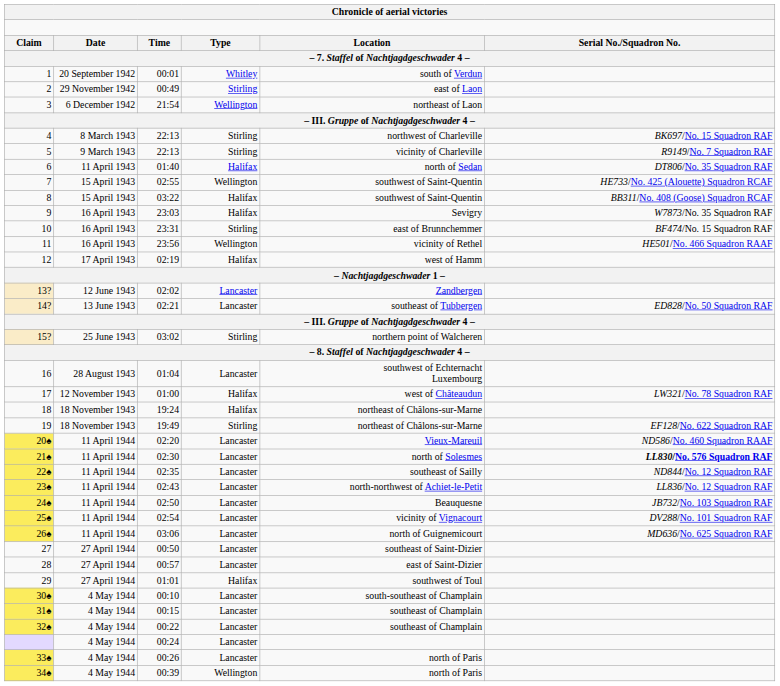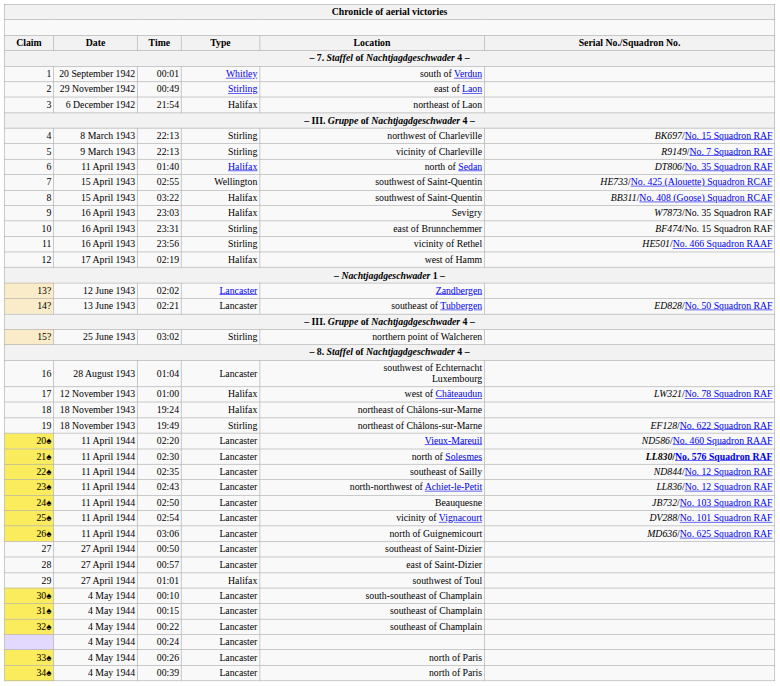 <table class="wikitable plainrowheaders collapsible" style="margin-left: auto; margin-right: auto; border: none; text-align:right; width: 100%;">
 <tr>
 <th colspan="6">Chronicle of aerial victories</th>
 </tr>
 <tr>
 <td colspan="6" style="text-align: left;"><br>  </td>
 </tr>
 <tr>
 <th scope="col">Claim</th>
 <th scope="col" style="width:130px">Date</th>
 <th scope="col">Time</th>
 <th scope="col">Type</th>
 <th scope="col">Location</th>
 <th scope="col">Serial No./Squadron No.</th>
 </tr>
 <tr>
 <th colspan="6">– 7. <em>Staffel</em> of <em>Nachtjagdgeschwader</em> 4 –</th>
 </tr>
 <tr>
 <td>1</td>
 <td>20 September 1942</td>
 <td>00:01</td>
 <td><a href='#'>Whitley</a></td>
 <td> south of <a href='#'>Verdun</a></td>
 <td></td>
 </tr>
 <tr>
 <td>2</td>
 <td>29 November 1942</td>
 <td>00:49</td>
 <td><a href='#'>Stirling</a></td>
 <td> east of <a href='#'>Laon</a></td>
 <td></td>
 </tr>
 <tr>
 <td>3</td>
 <td>6 December 1942</td>
 <td>21:54</td>
-<td><a href='#'>Wellington</a></td>
+<td>Halifax</td>
 <td> northeast of Laon</td>
 <td></td>
 </tr>
 <tr>
 <th colspan="6">– III. <em>Gruppe</em> of <em>Nachtjagdgeschwader</em> 4 –</th>
 </tr>
 <tr>
 <td>4</td>
 <td>8 March 1943</td>
 <td>22:13</td>
 <td>Stirling</td>
 <td> northwest of Charleville</td>
 <td><em>BK697</em>/<a href='#'>No. 15 Squadron RAF</a></td>
 </tr>
 <tr>
 <td>5</td>
 <td>9 March 1943</td>
 <td>22:13</td>
 <td>Stirling</td>
 <td>vicinity of Charleville</td>
 <td><em>R9149</em>/<a href='#'>No. 7 Squadron RAF</a></td>
 </tr>
 <tr>
 <td>6</td>
 <td>11 April 1943</td>
 <td>01:40</td>
 <td><a href='#'>Halifax</a></td>
 <td> north of <a href='#'>Sedan</a></td>
 <td><em>DT806</em>/<a href='#'>No. 35 Squadron RAF</a></td>
 </tr>
 <tr>
 <td>7</td>
 <td>15 April 1943</td>
 <td>02:55</td>
 <td>Wellington</td>
 <td> southwest of Saint-Quentin</td>
 <td><em>HE733</em>/<a href='#'>No. 425 (Alouette) Squadron RCAF</a></td>
 </tr>
 <tr>
 <td>8</td>
 <td>15 April 1943</td>
 <td>03:22</td>
 <td>Halifax</td>
 <td> southwest of Saint-Quentin</td>
 <td><em>BB311</em>/<a href='#'>No. 408 (Goose) Squadron RCAF</a></td>
 </tr>
 <tr>
 <td>9</td>
 <td>16 April 1943</td>
 <td>23:03</td>
 <td>Halifax</td>
 <td>Sevigry</td>
 <td><em>W7873</em>/No. 35 Squadron RAF</td>
 </tr>
 <tr>
 <td>10</td>
 <td>16 April 1943</td>
 <td>23:31</td>
 <td>Stirling</td>
 <td> east of Brunnchemmer</td>
 <td><em>BF474</em>/No. 15 Squadron RAF</td>
 </tr>
 <tr>
 <td>11</td>
 <td>16 April 1943</td>
 <td>23:56</td>
-<td>Wellington</td>
+<td>Stirling</td>
 <td>vicinity of Rethel</td>
 <td><em>HE501</em>/<a href='#'>No. 466 Squadron RAAF</a></td>
 </tr>
 <tr>
 <td>12</td>
 <td>17 April 1943</td>
 <td>02:19</td>
 <td>Halifax</td>
 <td>west of Hamm</td>
 <td></td>
 </tr>
 <tr>
 <th colspan="6">– <em>Nachtjagdgeschwader</em> 1 –</th>
 </tr>
 <tr>
 <td style="background:#faecc8">13?</td>
 <td>12 June 1943</td>
 <td>02:02</td>
 <td><a href='#'>Lancaster</a></td>
 <td><a href='#'>Zandbergen</a></td>
 <td></td>
 </tr>
 <tr>
 <td style="background:#faecc8">14?</td>
 <td>13 June 1943</td>
 <td>02:21</td>
 <td>Lancaster</td>
 <td> southeast of <a href='#'>Tubbergen</a></td>
 <td><em>ED828</em>/<a href='#'>No. 50 Squadron RAF</a></td>
 </tr>
 <tr>
 <th colspan="6">– III. <em>Gruppe</em> of <em>Nachtjagdgeschwader</em> 4 –</th>
 </tr>
 <tr>
 <td style="background:#faecc8">15?</td>
 <td>25 June 1943</td>
 <td>03:02</td>
 <td>Stirling</td>
 <td>northern point of Walcheren</td>
 <td></td>
 </tr>
 <tr>
 <th colspan="6">– 8. <em>Staffel</em> of <em>Nachtjagdgeschwader</em> 4 –</th>
 </tr>
 <tr>
 <td>16</td>
 <td>28 August 1943</td>
 <td>01:04</td>
 <td>Lancaster</td>
 <td>southwest of Echternacht<br>Luxembourg</td>
 <td></td>
 </tr>
 <tr>
 <td>17</td>
 <td>12 November 1943</td>
 <td>01:00</td>
 <td>Halifax</td>
 <td> west of <a href='#'>Châteaudun</a></td>
 <td><em>LW321</em>/<a href='#'>No. 78 Squadron RAF</a></td>
 </tr>
 <tr>
 <td>18</td>
 <td>18 November 1943</td>
 <td>19:24</td>
 <td>Halifax</td>
 <td>northeast of Châlons-sur-Marne</td>
 <td></td>
 </tr>
 <tr>
 <td>19</td>
 <td>18 November 1943</td>
 <td>19:49</td>
 <td>Stirling</td>
 <td>northeast of Châlons-sur-Marne</td>
 <td><em>EF128</em>/<a href='#'>No. 622 Squadron RAF</a></td>
 </tr>
 <tr>
 <td style="background:#fbec5d;">20♠</td>
 <td>11 April 1944</td>
 <td>02:20</td>
 <td>Lancaster</td>
 <td><a href='#'>Vieux-Mareuil</a></td>
 <td><em>ND586</em>/<a href='#'>No. 460 Squadron RAAF</a></td>
 </tr>
 <tr>
 <td style="background:#fbec5d;">21♠</td>
 <td>11 April 1944</td>
 <td>02:30</td>
 <td>Lancaster</td>
 <td> north of <a href='#'>Solesmes</a></td>
 <td><strong><em>LL830</em>/<a href='#'>No. 576 Squadron RAF</a></strong></td>
 </tr>
 <tr>
 <td style="background:#fbec5d;">22♠</td>
 <td>11 April 1944</td>
 <td>02:35</td>
 <td>Lancaster</td>
 <td> southeast of Sailly</td>
 <td><em>ND844</em>/<a href='#'>No. 12 Squadron RAF</a></td>
 </tr>
 <tr>
 <td style="background:#fbec5d;">23♠</td>
 <td>11 April 1944</td>
 <td>02:43</td>
 <td>Lancaster</td>
 <td>north-northwest of <a href='#'>Achiet-le-Petit</a></td>
 <td><em>LL836</em>/<a href='#'>No. 12 Squadron RAF</a></td>
 </tr>
 <tr>
 <td style="background:#fbec5d;">24♠</td>
 <td>11 April 1944</td>
 <td>02:50</td>
 <td>Lancaster</td>
 <td>Beauquesne</td>
 <td><em>JB732</em>/<a href='#'>No. 103 Squadron RAF</a></td>
 </tr>
 <tr>
 <td style="background:#fbec5d;">25♠</td>
 <td>11 April 1944</td>
 <td>02:54</td>
 <td>Lancaster</td>
 <td>vicinity of <a href='#'>Vignacourt</a></td>
 <td><em>DV288</em>/<a href='#'>No. 101 Squadron RAF</a></td>
 </tr>
 <tr>
 <td style="background:#fbec5d;">26♠</td>
 <td>11 April 1944</td>
 <td>03:06</td>
 <td>Lancaster</td>
 <td>north of Guignemicourt</td>
 <td><em>MD636</em>/<a href='#'>No. 625 Squadron RAF</a></td>
 </tr>
 <tr>
 <td>27</td>
 <td>27 April 1944</td>
 <td>00:50</td>
 <td>Lancaster</td>
 <td> southeast of Saint-Dizier</td>
 <td></td>
 </tr>
 <tr>
 <td>28</td>
 <td>27 April 1944</td>
 <td>00:57</td>
 <td>Lancaster</td>
 <td> east of Saint-Dizier</td>
 <td></td>
 </tr>
 <tr>
 <td>29</td>
 <td>27 April 1944</td>
 <td>01:01</td>
 <td>Halifax</td>
 <td> southwest of Toul</td>
 <td></td>
 </tr>
 <tr>
 <td style="background:#fbec5d;">30♠</td>
 <td>4 May 1944</td>
 <td>00:10</td>
 <td>Lancaster</td>
 <td> south-southeast of Champlain</td>
 <td></td>
 </tr>
 <tr>
 <td style="background:#fbec5d;">31♠</td>
 <td>4 May 1944</td>
 <td>00:15</td>
 <td>Lancaster</td>
 <td> southeast of Champlain</td>
 <td></td>
 </tr>
 <tr>
 <td style="background:#fbec5d;">32♠</td>
 <td>4 May 1944</td>
 <td>00:22</td>
 <td>Lancaster</td>
 <td> southeast of Champlain</td>
 <td></td>
 </tr>
 <tr>
 <td style="background:#e3d9ff;"></td>
 <td>4 May 1944</td>
 <td>00:24</td>
 <td>Lancaster</td>
 <td></td>
 <td></td>
 </tr>
 <tr>
 <td style="background:#fbec5d;">33♠</td>
 <td>4 May 1944</td>
 <td>00:26</td>
 <td>Lancaster</td>
 <td>north of Paris</td>
 <td></td>
 </tr>
 <tr>
 <td style="background:#fbec5d;">34♠</td>
 <td>4 May 1944</td>
 <td>00:39</td>
-<td>Wellington</td>
+<td>Lancaster</td>
 <td>north of Paris</td>
 <td></td>
 </tr>
 </table>
